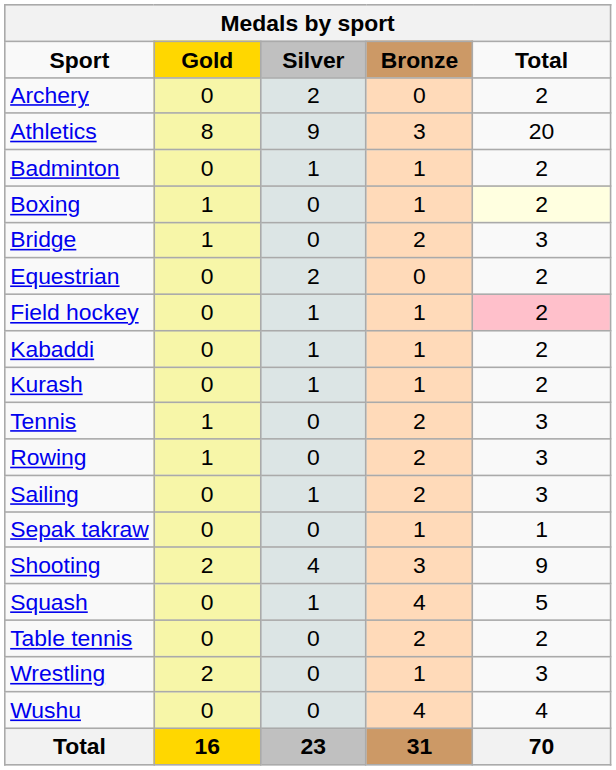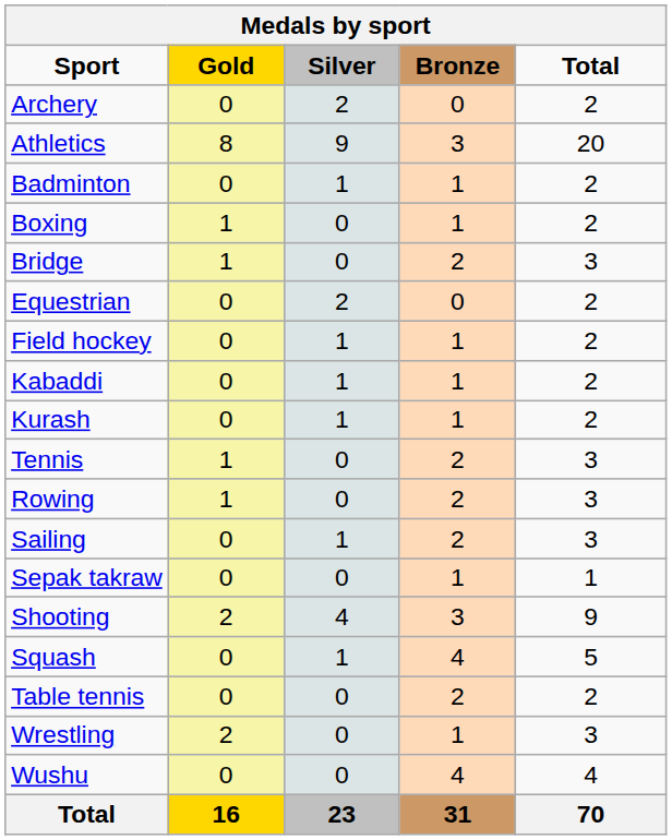 <table class="wikitable" style="font-size:90%; text-align:center;">
 <tr style="background:#efefef;">
 <th colspan=5>Medals by sport</th>
 </tr>
 <tr>
 <td><strong>Sport</strong></td>
 <td width=60 style="background:gold;"><strong>Gold </strong></td>
 <td width=60 style="background:silver;"><strong>Silver </strong></td>
 <td width=60 style="background:#c96;"><strong>Bronze </strong></td>
 <td width=80><strong>Total</strong></td>
 </tr>
 <tr>
 <td align=left> <a href='#'>Archery</a></td>
 <td style="background:#F7F6A8;">0</td>
 <td style="background:#DCE5E5;">2</td>
 <td style="background:#FFDAB9;">0</td>
 <td>2</td>
 </tr>
 <tr>
 <td align=left> <a href='#'>Athletics</a></td>
 <td style="background:#F7F6A8;">8</td>
 <td style="background:#DCE5E5;">9</td>
 <td style="background:#FFDAB9;">3</td>
 <td>20</td>
 </tr>
 <tr>
 <td align=left> <a href='#'>Badminton</a></td>
 <td style="background:#F7F6A8;">0</td>
 <td style="background:#DCE5E5;">1</td>
 <td style="background:#FFDAB9;">1</td>
 <td>2</td>
 </tr>
 <tr>
 <td align=left> <a href='#'>Boxing</a></td>
 <td style="background:#F7F6A8;">1</td>
 <td style="background:#DCE5E5;">0</td>
 <td style="background:#FFDAB9;">1</td>
-<td style="background: lightyellow;">2</td>
+<td>2</td>
 </tr>
 <tr>
 <td align=left> <a href='#'>Bridge</a></td>
 <td style="background:#F7F6A8;">1</td>
 <td style="background:#DCE5E5;">0</td>
 <td style="background:#FFDAB9;">2</td>
 <td>3</td>
 </tr>
 <tr>
 <td align=left> <a href='#'>Equestrian</a></td>
 <td style="background:#F7F6A8;">0</td>
 <td style="background:#DCE5E5;">2</td>
 <td style="background:#FFDAB9;">0</td>
 <td>2</td>
 </tr>
 <tr>
 <td align=left> <a href='#'>Field hockey</a></td>
 <td style="background:#F7F6A8;">0</td>
 <td style="background:#DCE5E5;">1</td>
 <td style="background:#FFDAB9;">1</td>
-<td style="background: pink;">2</td>
+<td>2</td>
 </tr>
 <tr>
 <td align=left> <a href='#'>Kabaddi</a></td>
 <td style="background:#F7F6A8;">0</td>
 <td style="background:#DCE5E5;">1</td>
 <td style="background:#FFDAB9;">1</td>
 <td>2</td>
 </tr>
 <tr>
 <td align=left> <a href='#'>Kurash</a></td>
 <td style="background:#F7F6A8;">0</td>
 <td style="background:#DCE5E5;">1</td>
 <td style="background:#FFDAB9;">1</td>
 <td>2</td>
 </tr>
 <tr>
 <td align=left> <a href='#'>Tennis</a></td>
 <td style="background:#F7F6A8;">1</td>
 <td style="background:#DCE5E5;">0</td>
 <td style="background:#FFDAB9;">2</td>
 <td>3</td>
 </tr>
 <tr>
 <td align=left> <a href='#'>Rowing</a></td>
 <td style="background:#F7F6A8;">1</td>
 <td style="background:#DCE5E5;">0</td>
 <td style="background:#FFDAB9;">2</td>
 <td>3</td>
 </tr>
 <tr>
 <td align=left> <a href='#'>Sailing</a></td>
 <td style="background:#F7F6A8;">0</td>
 <td style="background:#DCE5E5;">1</td>
 <td style="background:#FFDAB9;">2</td>
 <td>3</td>
 </tr>
 <tr>
 <td align=left> <a href='#'>Sepak takraw</a></td>
 <td style="background:#F7F6A8;">0</td>
 <td style="background:#DCE5E5;">0</td>
 <td style="background:#FFDAB9;">1</td>
 <td>1</td>
 </tr>
 <tr>
 <td align=left> <a href='#'>Shooting</a></td>
 <td style="background:#F7F6A8;">2</td>
 <td style="background:#DCE5E5;">4</td>
 <td style="background:#FFDAB9;">3</td>
 <td>9</td>
 </tr>
 <tr>
 <td align=left> <a href='#'>Squash</a></td>
 <td style="background:#F7F6A8;">0</td>
 <td style="background:#DCE5E5;">1</td>
 <td style="background:#FFDAB9;">4</td>
 <td>5</td>
 </tr>
 <tr>
 <td align=left> <a href='#'>Table tennis</a></td>
 <td style="background:#F7F6A8;">0</td>
 <td style="background:#DCE5E5;">0</td>
 <td style="background:#FFDAB9;">2</td>
 <td>2</td>
 </tr>
 <tr>
 <td align=left> <a href='#'>Wrestling</a></td>
 <td style="background:#F7F6A8;">2</td>
 <td style="background:#DCE5E5;">0</td>
 <td style="background:#FFDAB9;">1</td>
 <td>3</td>
 </tr>
 <tr>
 <td align=left> <a href='#'>Wushu</a></td>
 <td style="background:#F7F6A8;">0</td>
 <td style="background:#DCE5E5;">0</td>
 <td style="background:#FFDAB9;">4</td>
 <td>4</td>
 </tr>
 <tr>
 <th>Total</th>
 <th style="background:gold;">16</th>
 <th style="background:silver;">23</th>
 <th style="background:#c96;">31</th>
 <th>70</th>
 </tr>
 </table>
